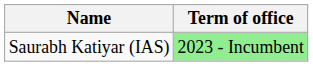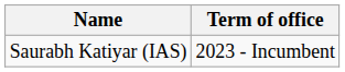 <table class="wikitable">
 <tr>
 <th>Name</th>
 <th>Term of office</th>
 </tr>
 <tr>
 <td>Saurabh Katiyar (IAS)</td>
-<td style="background: lightgreen;">2023 - Incumbent</td>
+<td>2023 - Incumbent</td>
 </tr>
 </table>
